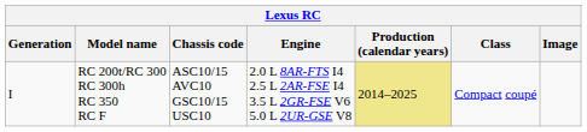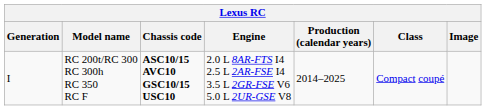 <table class="wikitable collapsible" style="font-size:97% style="width:90%; text-align:center">
 <tr>
 <th colspan=7 align=left><a href='#'>Lexus RC</a></th>
 </tr>
 <tr>
 <th>Generation</th>
 <th>Model name</th>
 <th>Chassis code</th>
 <th>Engine</th>
 <th>Production<br>(calendar years)</th>
 <th>Class</th>
 <th>Image</th>
 </tr>
 <tr>
 <td>I</td>
 <td>RC 200t/RC 300<br>RC 300h<br>RC 350<br>RC F</td>
-<td>ASC10/15<br>AVC10<br>GSC10/15<br>USC10</td>
+<td><strong>ASC10/15<br>AVC10<br>GSC10/15<br>USC10</strong></td>
 <td>2.0 L <em><a href='#'>8AR-FTS</a></em> I4<br>2.5 L <em><a href='#'>2AR-FSE</a></em> I4<br>3.5 L <em><a href='#'>2GR-FSE</a></em> V6<br>5.0 L <em><a href='#'>2UR-GSE</a></em> V8</td>
-<td style="background: khaki;">2014–2025</td>
+<td>2014–2025</td>
 <td><a href='#'>Compact</a> <a href='#'>coupé</a></td>
 <td></td>
 </tr>
 </table>
